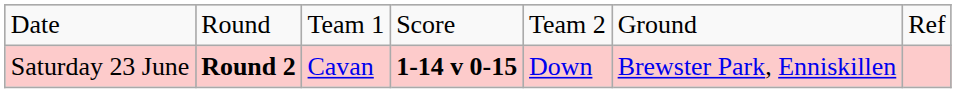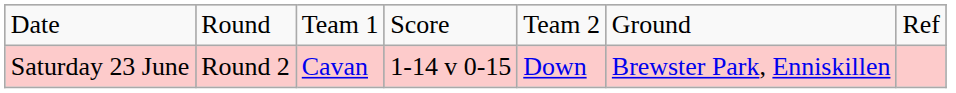 <table class="wikitable">
 <tr>
 <td>Date</td>
 <td>Round</td>
 <td>Team 1</td>
 <td>Score</td>
 <td>Team 2</td>
 <td>Ground</td>
 <td>Ref</td>
 </tr>
 <tr style="background:#fdcbcb;">
 <td>Saturday 23 June</td>
-<td><strong>Round 2</strong></td>
+<td>Round 2</td>
 <td><a href='#'>Cavan</a></td>
-<td><strong>1-14 v 0-15</strong></td>
+<td>1-14 v 0-15</td>
 <td><a href='#'>Down</a></td>
 <td><a href='#'>Brewster Park</a>, <a href='#'>Enniskillen</a></td>
 <td></td>
 </tr>
 </table>
